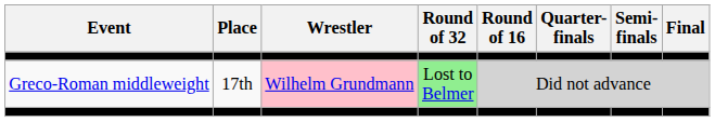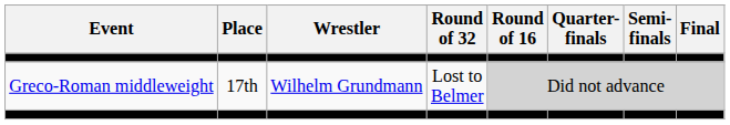 <table class=wikitable>
 <tr>
 <th>Event</th>
 <th>Place</th>
 <th>Wrestler</th>
 <th>Round <br> of 32</th>
 <th>Round <br> of 16</th>
 <th>Quarter-<br>finals</th>
 <th>Semi-<br>finals</th>
 <th>Final</th>
 </tr>
 <tr bgcolor=black>
 <td></td>
 <td></td>
 <td></td>
 <td></td>
 <td></td>
 <td></td>
 <td></td>
 <td></td>
 </tr>
 <tr align=center>
 <td align=left><a href='#'>Greco-Roman middleweight</a></td>
 <td>17th</td>
-<td align=left style="background: pink;"><a href='#'>Wilhelm Grundmann</a></td>
-<td style="background: lightgreen;">Lost to <br> <a href='#'>Belmer</a></td>
+<td align=left><a href='#'>Wilhelm Grundmann</a></td>
+<td>Lost to <br> <a href='#'>Belmer</a></td>
 <td colspan=4 bgcolor=lightgray>Did not advance</td>
 </tr>
 <tr bgcolor=black>
 <td></td>
 <td></td>
 <td></td>
 <td></td>
 <td></td>
 <td></td>
 <td></td>
 <td></td>
 </tr>
 </table>
